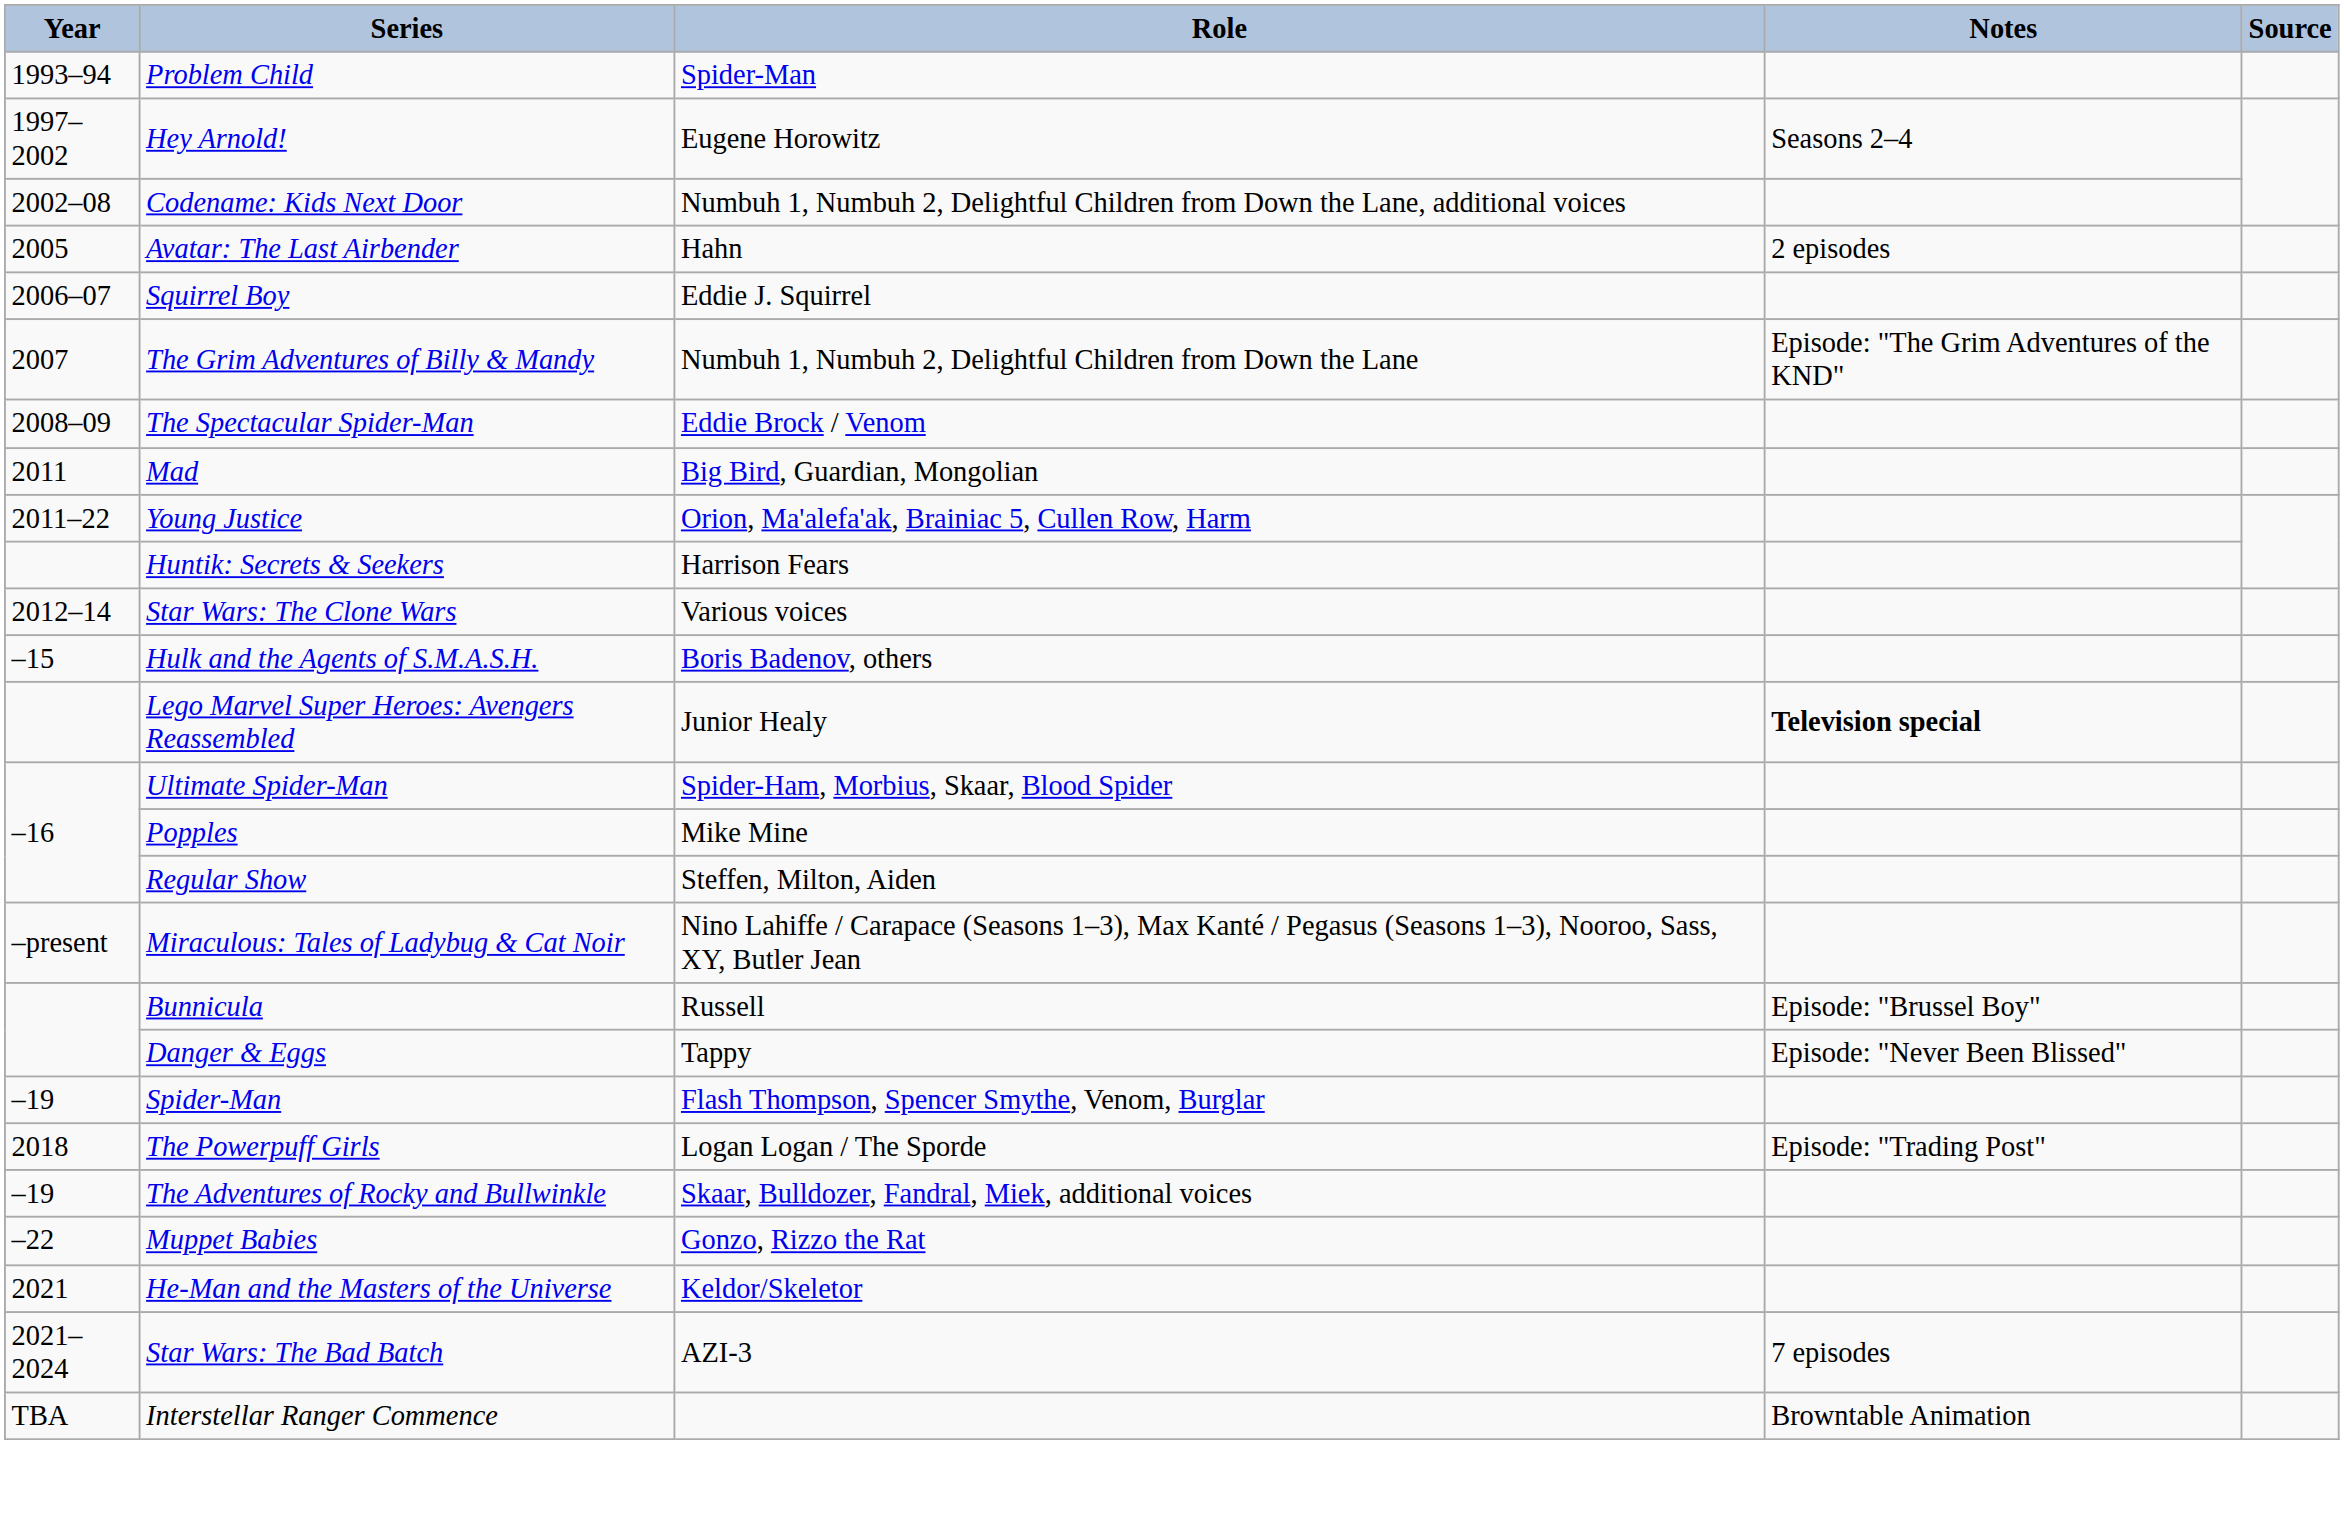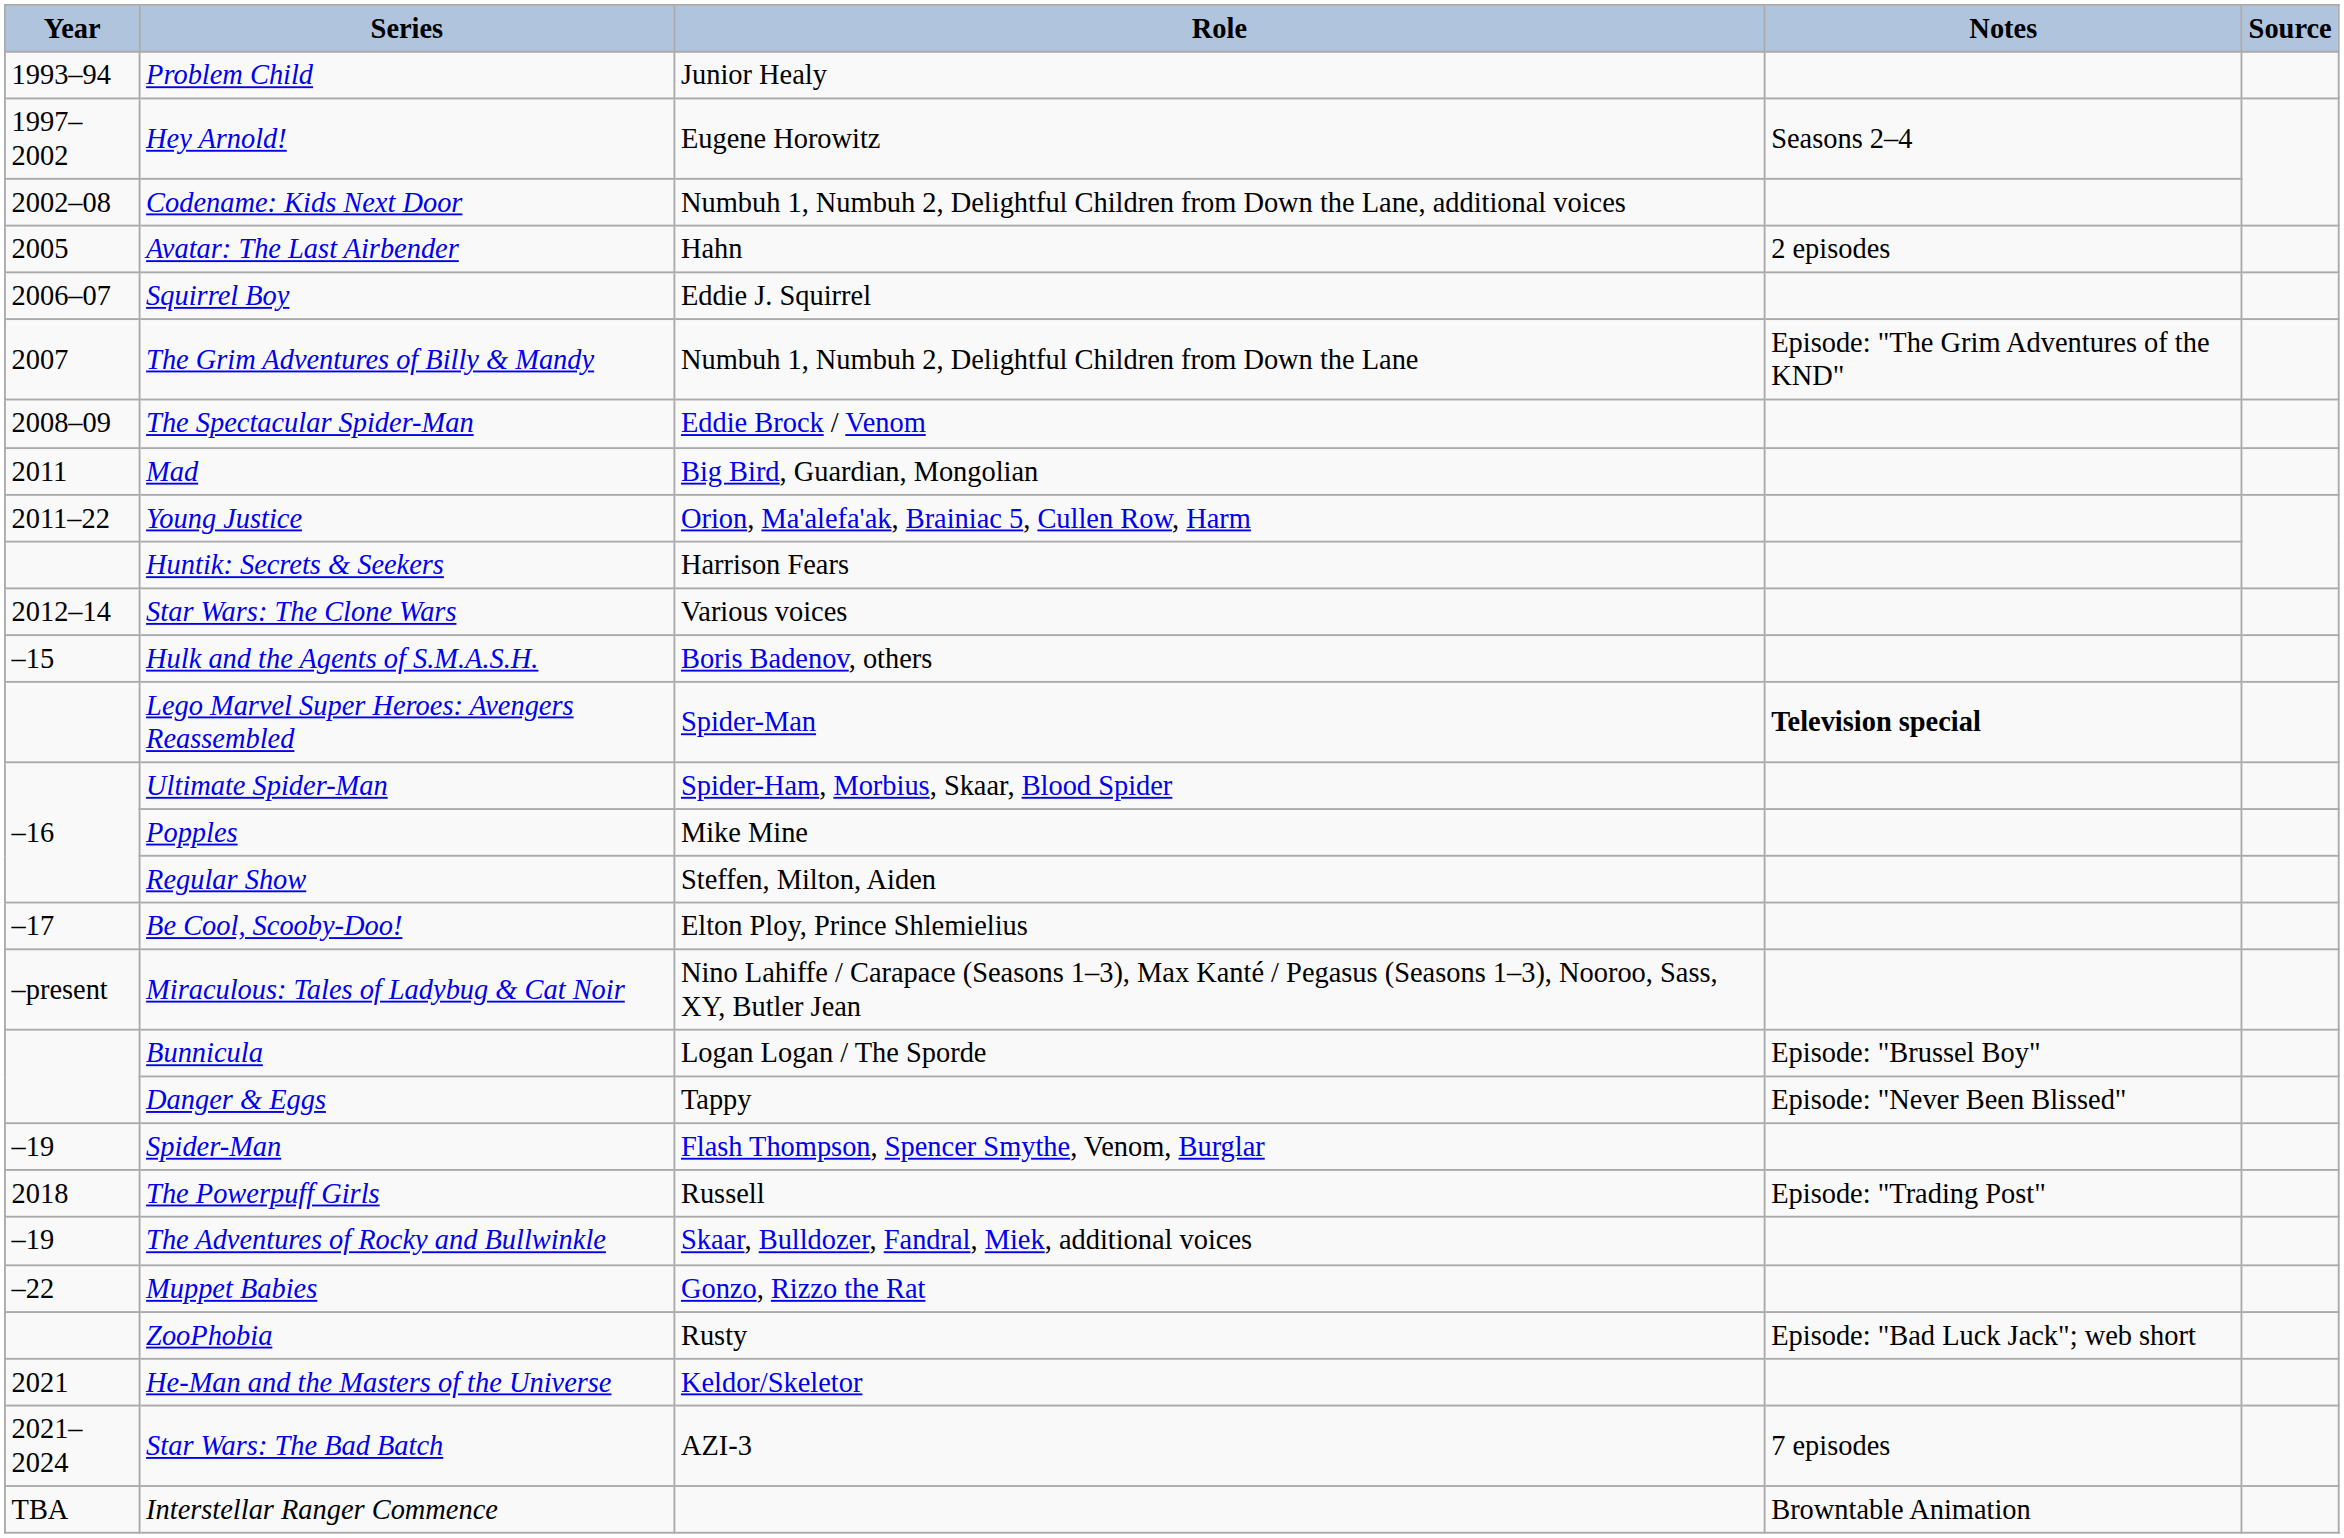 <table class="wikitable sortable plainrowheaders" style="width=95%; font-size: 95%;">
 <tr>
 <th style="background:#b0c4de;">Year </th>
 <th style="background:#b0c4de;">Series</th>
 <th style="background:#b0c4de;">Role</th>
 <th style="background:#b0c4de;" class="unsortable">Notes </th>
 <th style="background:#b0c4de;" class="unsortable">Source</th>
 </tr>
 <tr>
 <td>1993–94</td>
 <td><em><a href='#'>Problem Child</a></em></td>
-<td><a href='#'>Spider-Man</a></td>
+<td>Junior Healy</td>
 <td></td>
 <td></td>
 </tr>
 <tr>
 <td>1997–2002</td>
 <td><em><a href='#'>Hey Arnold!</a></em></td>
 <td>Eugene Horowitz</td>
 <td>Seasons 2–4</td>
 <td rowspan="2"></td>
 </tr>
 <tr>
 <td>2002–08</td>
 <td><em><a href='#'>Codename: Kids Next Door</a></em></td>
 <td>Numbuh 1, Numbuh 2, Delightful Children from Down the Lane, additional voices</td>
 <td></td>
 </tr>
 <tr>
 <td>2005</td>
 <td><em><a href='#'>Avatar: The Last Airbender</a></em></td>
 <td>Hahn</td>
 <td>2 episodes</td>
 <td></td>
 </tr>
 <tr>
 <td>2006–07</td>
 <td><em><a href='#'>Squirrel Boy</a></em></td>
 <td>Eddie J. Squirrel</td>
 <td></td>
 <td></td>
 </tr>
 <tr>
 <td>2007</td>
 <td><em><a href='#'>The Grim Adventures of Billy & Mandy</a></em></td>
 <td>Numbuh 1, Numbuh 2, Delightful Children from Down the Lane</td>
 <td>Episode: "The Grim Adventures of the KND"</td>
 <td></td>
 </tr>
 <tr>
 <td>2008–09</td>
 <td><em><a href='#'>The Spectacular Spider-Man</a></em></td>
 <td><a href='#'>Eddie Brock</a> / <a href='#'>Venom</a></td>
 <td></td>
 <td></td>
 </tr>
 <tr>
 <td>2011</td>
 <td><em><a href='#'>Mad</a></em></td>
 <td><a href='#'>Big Bird</a>, Guardian, Mongolian</td>
 <td></td>
 <td></td>
 </tr>
 <tr>
 <td>2011–22</td>
 <td><em><a href='#'>Young Justice</a></em></td>
 <td><a href='#'>Orion</a>, <a href='#'>Ma'alefa'ak</a>, <a href='#'>Brainiac 5</a>, <a href='#'>Cullen Row</a>, <a href='#'>Harm</a></td>
 <td></td>
 <td rowspan="2"></td>
 </tr>
 <tr>
 <td></td>
 <td><em><a href='#'>Huntik: Secrets & Seekers</a></em></td>
 <td>Harrison Fears</td>
 <td></td>
 </tr>
 <tr>
 <td>2012–14</td>
 <td><em><a href='#'>Star Wars: The Clone Wars</a></em></td>
 <td>Various voices</td>
 <td></td>
 <td></td>
 </tr>
 <tr>
 <td>–15</td>
 <td><em><a href='#'>Hulk and the Agents of S.M.A.S.H.</a></em></td>
 <td><a href='#'>Boris Badenov</a>, others</td>
 <td></td>
 <td></td>
 </tr>
 <tr>
 <td></td>
 <td><em><a href='#'>Lego Marvel Super Heroes: Avengers Reassembled</a></em></td>
-<td>Junior Healy</td>
+<td><a href='#'>Spider-Man</a></td>
 <td><strong>Television special</strong></td>
 <td></td>
 </tr>
 <tr>
 <td rowspan="3">–16</td>
 <td><em><a href='#'>Ultimate Spider-Man</a></em></td>
 <td><a href='#'>Spider-Ham</a>, <a href='#'>Morbius</a>, Skaar, <a href='#'>Blood Spider</a></td>
 <td></td>
 <td></td>
 </tr>
 <tr>
 <td><em><a href='#'>Popples</a></em></td>
 <td>Mike Mine</td>
 <td></td>
 <td></td>
 </tr>
 <tr>
 <td><em><a href='#'>Regular Show</a></em></td>
 <td>Steffen, Milton, Aiden</td>
 <td></td>
 <td></td>
 </tr>
 <tr>
+<td>–17</td>
+<td><em><a href='#'>Be Cool, Scooby-Doo!</a></em></td>
+<td>Elton Ploy, Prince Shlemielius</td>
+<td></td>
+<td></td>
+</tr>
+<tr>
 <td>–present</td>
 <td><em><a href='#'>Miraculous: Tales of Ladybug & Cat Noir</a></em></td>
 <td>Nino Lahiffe / Carapace (Seasons 1–3), Max Kanté / Pegasus (Seasons 1–3), Nooroo, Sass, XY, Butler Jean</td>
 <td></td>
 <td></td>
 </tr>
 <tr>
 <td rowspan="2"></td>
 <td><em><a href='#'>Bunnicula</a></em></td>
-<td>Russell</td>
+<td>Logan Logan / The Sporde</td>
 <td>Episode: "Brussel Boy"</td>
 <td></td>
 </tr>
 <tr>
 <td><em><a href='#'>Danger & Eggs</a></em></td>
 <td>Tappy</td>
 <td>Episode: "Never Been Blissed"</td>
 <td></td>
 </tr>
 <tr>
 <td>–19</td>
 <td><em><a href='#'>Spider-Man</a></em></td>
 <td><a href='#'>Flash Thompson</a>, <a href='#'>Spencer Smythe</a>, Venom, <a href='#'>Burglar</a></td>
 <td></td>
 <td></td>
 </tr>
 <tr>
 <td>2018</td>
 <td><em><a href='#'>The Powerpuff Girls</a></em></td>
-<td>Logan Logan / The Sporde</td>
+<td>Russell</td>
 <td>Episode: "Trading Post"</td>
 <td></td>
 </tr>
 <tr>
 <td>–19</td>
 <td><em><a href='#'>The Adventures of Rocky and Bullwinkle</a></em></td>
 <td><a href='#'>Skaar</a>, <a href='#'>Bulldozer</a>, <a href='#'>Fandral</a>, <a href='#'>Miek</a>, additional voices</td>
 <td></td>
 <td></td>
 </tr>
 <tr>
 <td>–22</td>
 <td><em><a href='#'>Muppet Babies</a></em></td>
 <td><a href='#'>Gonzo</a>, <a href='#'>Rizzo the Rat</a></td>
 <td></td>
+<td></td>
+</tr>
+<tr>
+<td></td>
+<td><em><a href='#'>ZooPhobia</a></em></td>
+<td>Rusty</td>
+<td>Episode: "Bad Luck Jack"; web short</td>
 <td></td>
 </tr>
 <tr>
 <td>2021</td>
 <td><em><a href='#'>He-Man and the Masters of the Universe</a></em></td>
 <td><a href='#'>Keldor/Skeletor</a></td>
 <td></td>
 <td></td>
 </tr>
 <tr>
 <td>2021–2024</td>
 <td><em><a href='#'>Star Wars: The Bad Batch</a></em></td>
 <td>AZI-3</td>
 <td>7 episodes</td>
 <td></td>
 </tr>
 <tr>
 <td>TBA</td>
 <td><em>Interstellar Ranger Commence</em></td>
 <td></td>
 <td>Browntable Animation</td>
 <td></td>
 </tr>
 </table>
